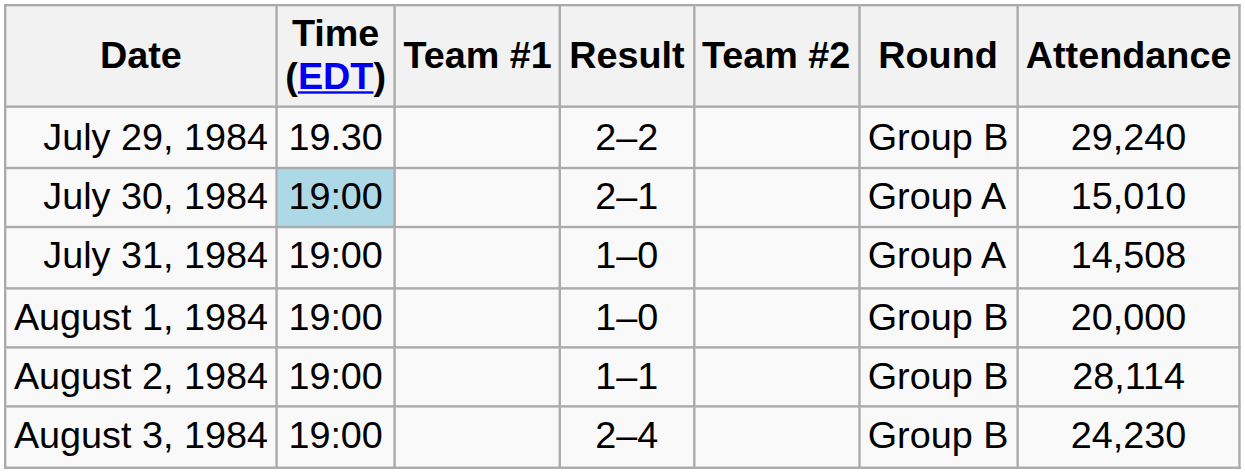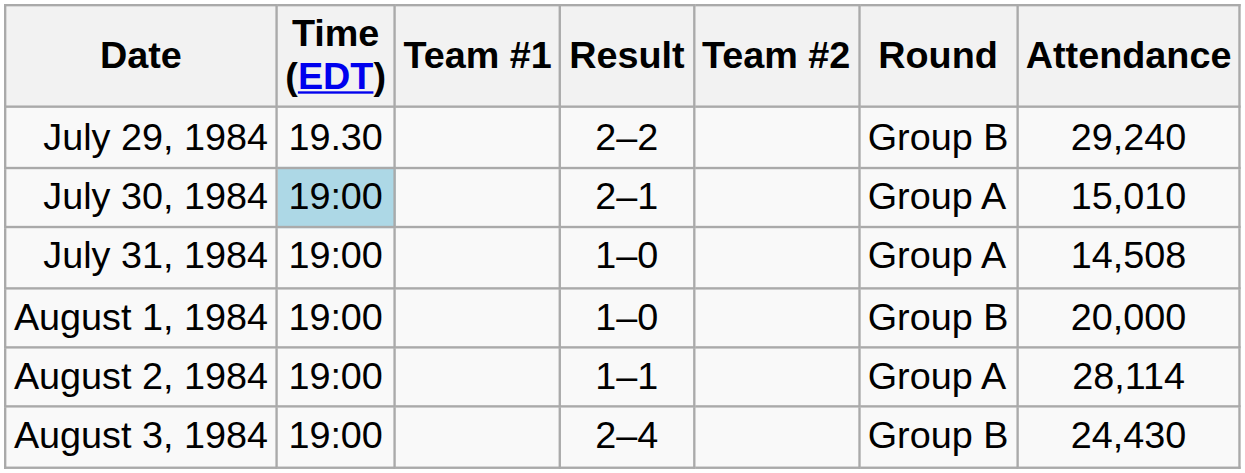 <table class="wikitable" style="text-align:left;">
 <tr>
 <th>Date</th>
 <th>Time<br>(<a href='#'>EDT</a>)</th>
 <th>Team #1</th>
 <th>Result</th>
 <th>Team #2</th>
 <th>Round</th>
 <th>Attendance</th>
 </tr>
 <tr>
 <td style="text-align:right;">July 29, 1984</td>
 <td style="text-align:center;">19.30</td>
 <td></td>
 <td style="text-align:center;">2–2</td>
 <td></td>
 <td>Group B</td>
 <td style="text-align:center;">29,240</td>
 </tr>
 <tr>
 <td style="text-align:right;">July 30, 1984</td>
 <td style="background: lightblue; text-align:center;">19:00</td>
 <td><strong></strong></td>
 <td style="text-align:center;">2–1</td>
 <td></td>
 <td>Group A</td>
 <td style="text-align:center;">15,010</td>
 </tr>
 <tr>
 <td style="text-align:right;">July 31, 1984</td>
 <td style="text-align:center;">19:00</td>
 <td><strong></strong></td>
 <td style="text-align:center;">1–0</td>
 <td></td>
 <td>Group A</td>
 <td style="text-align:center;">14,508</td>
 </tr>
 <tr>
 <td style="text-align:right;">August 1, 1984</td>
 <td style="text-align:center;">19:00</td>
 <td><strong></strong></td>
 <td style="text-align:center;">1–0</td>
 <td></td>
 <td>Group B</td>
 <td style="text-align:center;">20,000</td>
 </tr>
 <tr>
 <td style="text-align:right;">August 2, 1984</td>
 <td style="text-align:center;">19:00</td>
 <td></td>
 <td style="text-align:center;">1–1</td>
 <td></td>
-<td>Group B</td>
+<td>Group A</td>
 <td style="text-align:center;">28,114</td>
 </tr>
 <tr>
 <td style="text-align:right;">August 3, 1984</td>
 <td style="text-align:center;">19:00</td>
 <td></td>
 <td style="text-align:center;">2–4</td>
 <td><strong></strong></td>
 <td>Group B</td>
-<td style="text-align:center;">24,230</td>
+<td style="text-align:center;">24,430</td>
 </tr>
 </table>
